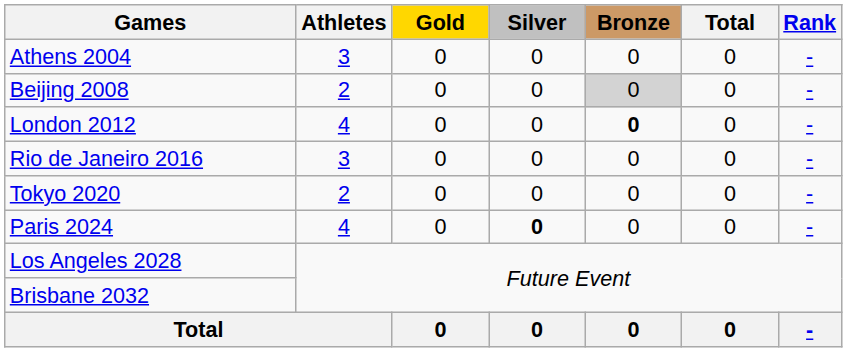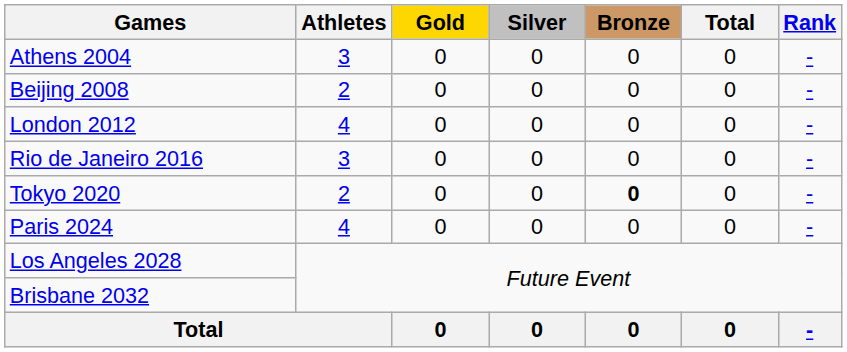 <table class="wikitable" style="text-align:center; font-size:90%;">
 <tr>
 <th style="width:13em;">Games</th>
 <th style="width:4em;">Athletes</th>
 <th style="width:4em; background:gold;">Gold</th>
 <th style="width:4em; background:silver;">Silver</th>
 <th style="width:4em; background:#cc9966;">Bronze</th>
 <th style="width:4em;">Total</th>
 <th style="width:2em;"><a href='#'>Rank</a></th>
 </tr>
 <tr>
 <td align=left> <a href='#'>Athens 2004</a></td>
 <td><a href='#'>3</a></td>
 <td>0</td>
 <td>0</td>
 <td>0</td>
 <td>0</td>
 <td><a href='#'>-</a></td>
 </tr>
 <tr>
 <td align=left> <a href='#'>Beijing 2008</a></td>
 <td><a href='#'>2</a></td>
 <td>0</td>
 <td>0</td>
-<td style="background: lightgrey;">0</td>
+<td>0</td>
 <td>0</td>
 <td><a href='#'>-</a></td>
 </tr>
 <tr>
 <td align=left> <a href='#'>London 2012</a></td>
 <td><a href='#'>4</a></td>
 <td>0</td>
 <td>0</td>
-<td><strong>0</strong></td>
+<td>0</td>
 <td>0</td>
 <td><a href='#'>-</a></td>
 </tr>
 <tr>
 <td align=left> <a href='#'>Rio de Janeiro 2016</a></td>
 <td><a href='#'>3</a></td>
 <td>0</td>
 <td>0</td>
 <td>0</td>
 <td>0</td>
 <td><a href='#'>-</a></td>
 </tr>
 <tr>
 <td align=left> <a href='#'>Tokyo 2020</a></td>
 <td><a href='#'>2</a></td>
 <td>0</td>
 <td>0</td>
-<td>0</td>
+<td><strong>0</strong></td>
 <td>0</td>
 <td><a href='#'>-</a></td>
 </tr>
 <tr>
 <td align=left> <a href='#'>Paris 2024</a></td>
 <td><a href='#'>4</a></td>
 <td>0</td>
-<td><strong>0</strong></td>
+<td>0</td>
 <td>0</td>
 <td>0</td>
 <td><a href='#'>-</a></td>
 </tr>
 <tr>
 <td align=left> <a href='#'>Los Angeles 2028</a></td>
 <td colspan=6; rowspan=2><em>Future Event</em></td>
 </tr>
 <tr>
 <td align=left> <a href='#'>Brisbane 2032</a></td>
 </tr>
 <tr>
 <th colspan=2>Total</th>
 <th>0</th>
 <th>0</th>
 <th>0</th>
 <th>0</th>
 <th><a href='#'>-</a></th>
 </tr>
 </table>
